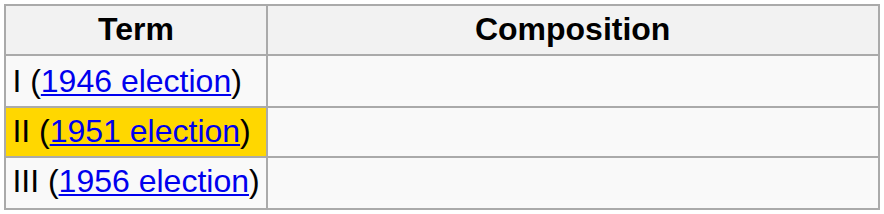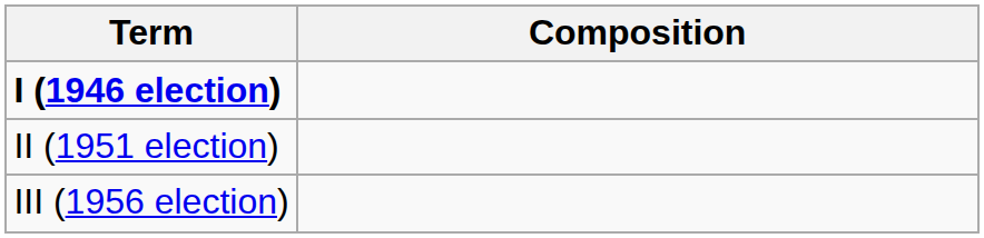 <table class="wikitable">
 <tr>
 <th width="30%">Term</th>
 <th width="70%">Composition</th>
 </tr>
 <tr>
-<td>I (<a href='#'>1946 election</a>)</td>
+<td><strong>I (<a href='#'>1946 election</a>)</strong></td>
 <td></td>
 </tr>
 <tr>
-<td style="background: gold;">II (<a href='#'>1951 election</a>)</td>
+<td>II (<a href='#'>1951 election</a>)</td>
 <td></td>
 </tr>
 <tr>
 <td>III (<a href='#'>1956 election</a>)</td>
 <td></td>
 </tr>
 </table>
